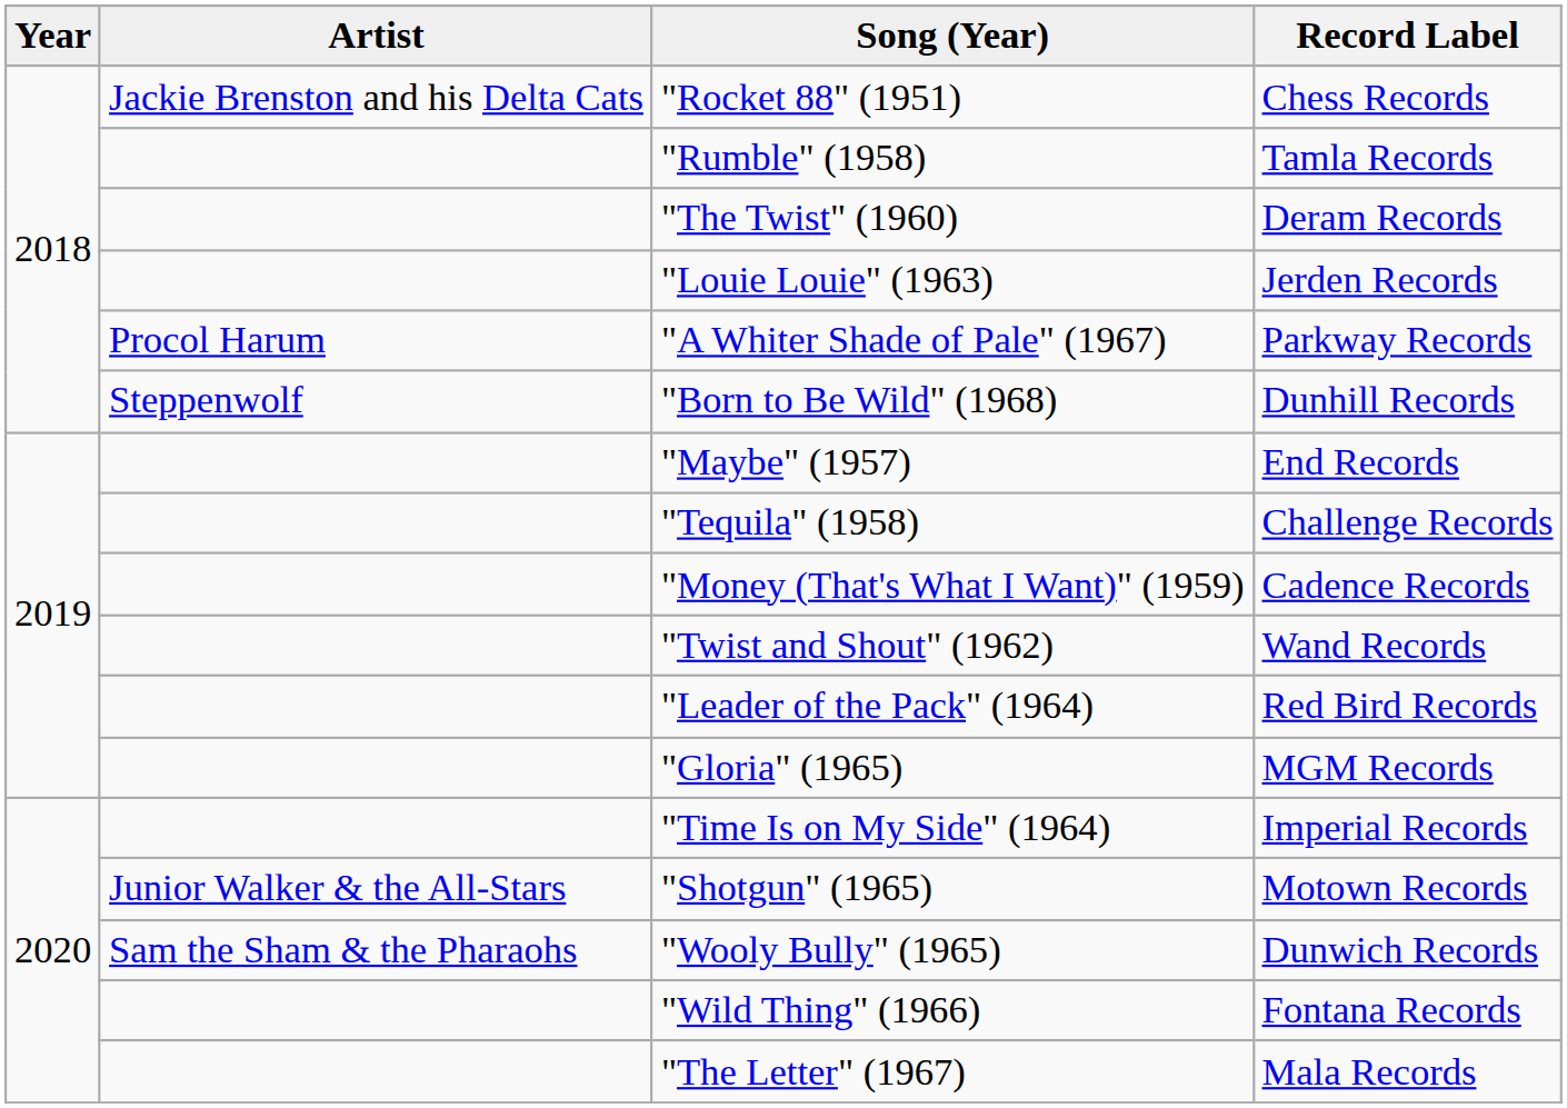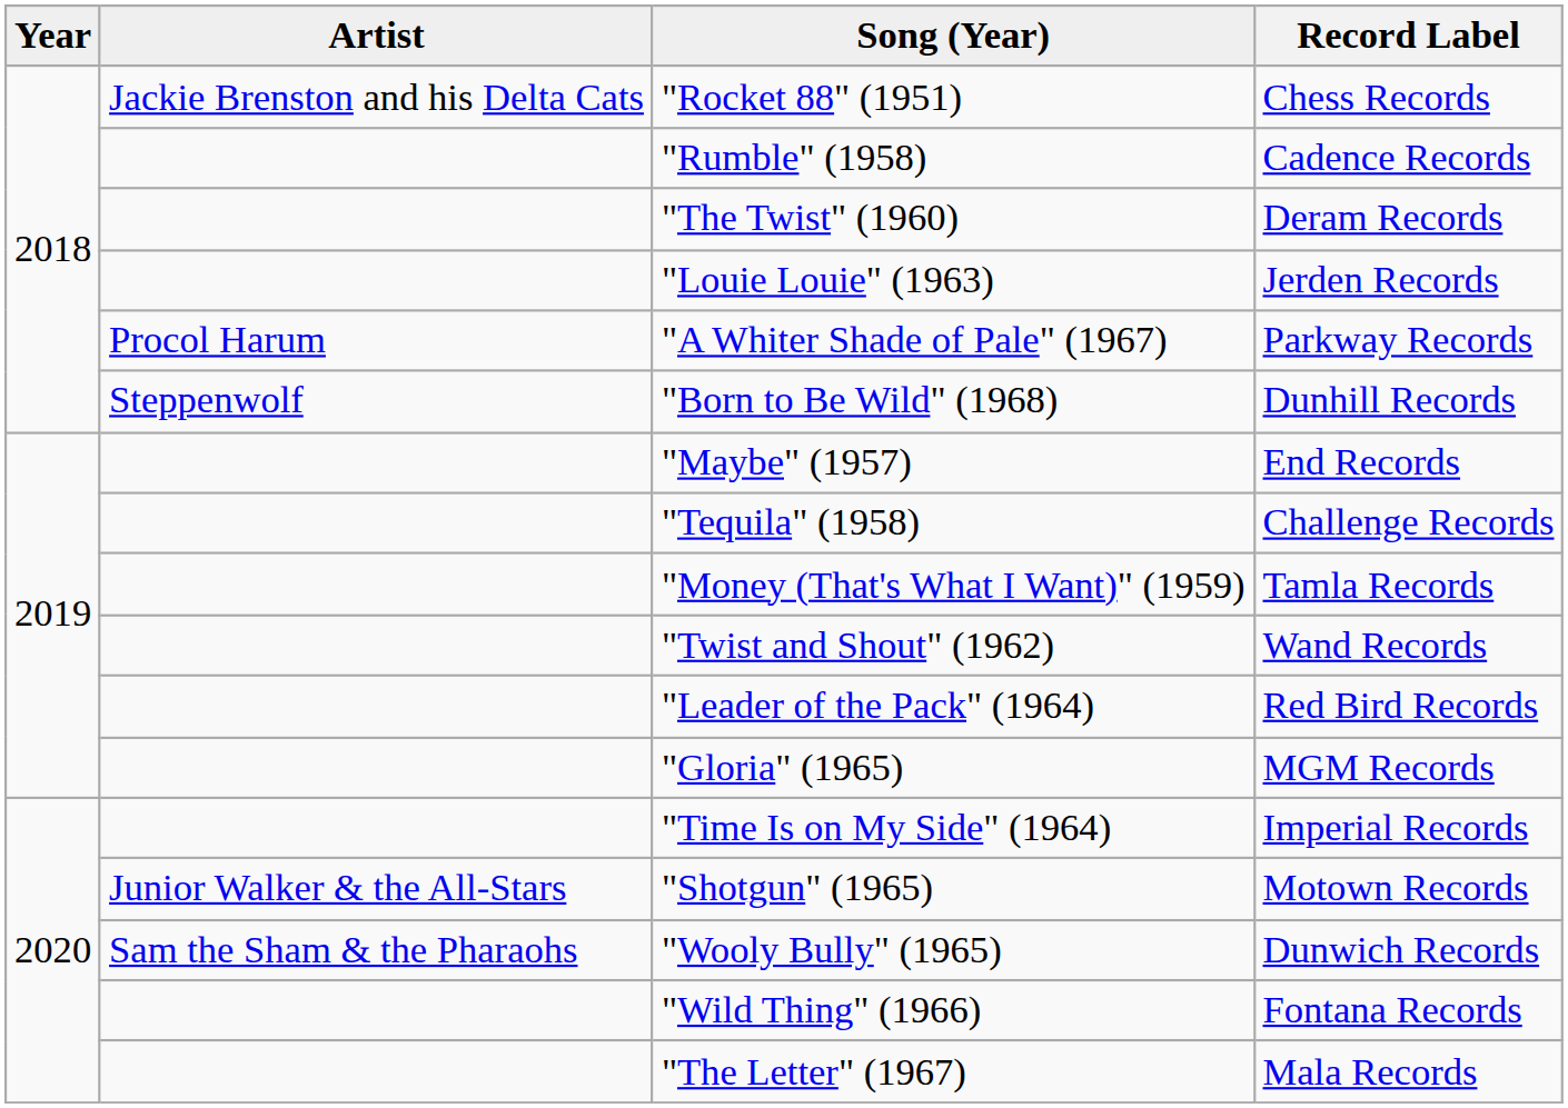 <table class="wikitable sortable">
 <tr>
 <th style="background:#efefef;">Year</th>
 <th style="background:#efefef;">Artist</th>
 <th style="background:#efefef;">Song (Year)</th>
 <th>Record Label</th>
 </tr>
 <tr>
 <td rowspan="6">2018</td>
 <td data-sort-value="Brenston, Jackie"><a href='#'>Jackie Brenston</a> and his <a href='#'>Delta Cats</a></td>
 <td>"<a href='#'>Rocket 88</a>" (1951)</td>
 <td><a href='#'>Chess Records</a></td>
 </tr>
 <tr>
 <td></td>
 <td>"<a href='#'>Rumble</a>" (1958)</td>
-<td><a href='#'>Tamla Records</a></td>
+<td><a href='#'>Cadence Records</a></td>
 </tr>
 <tr>
 <td></td>
 <td>"<a href='#'>The Twist</a>" (1960)</td>
 <td><a href='#'>Deram Records</a></td>
 </tr>
 <tr>
 <td></td>
 <td>"<a href='#'>Louie Louie</a>" (1963)</td>
 <td><a href='#'>Jerden Records</a></td>
 </tr>
 <tr>
 <td><a href='#'>Procol Harum</a></td>
 <td>"<a href='#'>A Whiter Shade of Pale</a>" (1967)</td>
 <td><a href='#'>Parkway Records</a></td>
 </tr>
 <tr>
 <td><a href='#'>Steppenwolf</a></td>
 <td>"<a href='#'>Born to Be Wild</a>" (1968)</td>
 <td><a href='#'>Dunhill Records</a></td>
 </tr>
 <tr>
 <td rowspan="6">2019</td>
 <td></td>
 <td>"<a href='#'>Maybe</a>" (1957)</td>
 <td><a href='#'>End Records</a></td>
 </tr>
 <tr>
 <td></td>
 <td>"<a href='#'>Tequila</a>" (1958)</td>
 <td><a href='#'>Challenge Records</a></td>
 </tr>
 <tr>
 <td></td>
 <td>"<a href='#'>Money (That's What I Want)</a>" (1959)</td>
-<td><a href='#'>Cadence Records</a></td>
+<td><a href='#'>Tamla Records</a></td>
 </tr>
 <tr>
 <td></td>
 <td>"<a href='#'>Twist and Shout</a>" (1962)</td>
 <td><a href='#'>Wand Records</a></td>
 </tr>
 <tr>
 <td></td>
 <td>"<a href='#'>Leader of the Pack</a>" (1964)</td>
 <td><a href='#'>Red Bird Records</a></td>
 </tr>
 <tr>
 <td></td>
 <td>"<a href='#'>Gloria</a>" (1965)</td>
 <td><a href='#'>MGM Records</a></td>
 </tr>
 <tr>
 <td rowspan="5">2020</td>
 <td></td>
 <td>"<a href='#'>Time Is on My Side</a>" (1964)</td>
 <td><a href='#'>Imperial Records</a></td>
 </tr>
 <tr>
 <td><a href='#'>Junior Walker & the All-Stars</a></td>
 <td>"<a href='#'>Shotgun</a>" (1965)</td>
 <td><a href='#'>Motown Records</a></td>
 </tr>
 <tr>
 <td><a href='#'>Sam the Sham & the Pharaohs</a></td>
 <td>"<a href='#'>Wooly Bully</a>" (1965)</td>
 <td><a href='#'>Dunwich Records</a></td>
 </tr>
 <tr>
 <td></td>
 <td>"<a href='#'>Wild Thing</a>" (1966)</td>
 <td><a href='#'>Fontana Records</a></td>
 </tr>
 <tr>
 <td></td>
 <td>"<a href='#'>The Letter</a>" (1967)</td>
 <td><a href='#'>Mala Records</a></td>
 </tr>
 </table>
